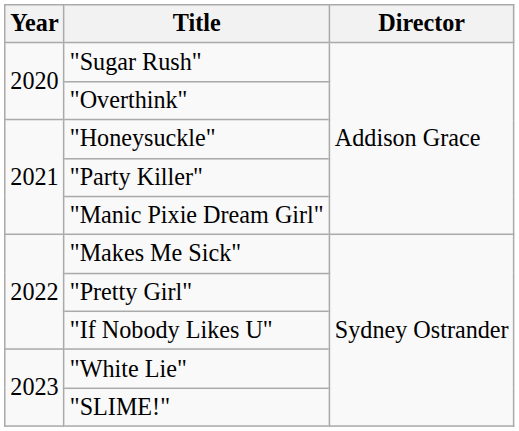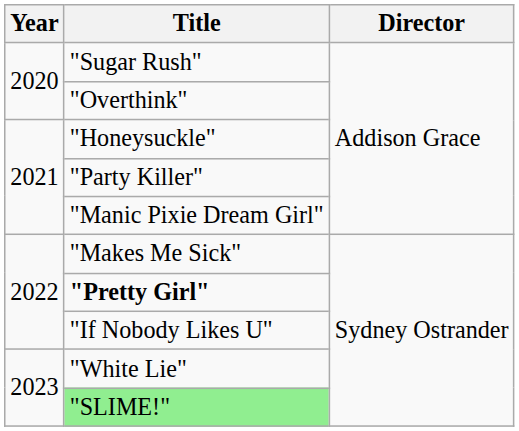 <table class="wikitable">
 <tr>
 <th>Year</th>
 <th>Title</th>
 <th>Director</th>
 </tr>
 <tr>
 <td rowspan="2">2020</td>
 <td>"Sugar Rush"</td>
 <td rowspan="5">Addison Grace</td>
 </tr>
 <tr>
 <td>"Overthink"</td>
 </tr>
 <tr>
 <td rowspan="3">2021</td>
 <td>"Honeysuckle"</td>
 </tr>
 <tr>
 <td>"Party Killer"</td>
 </tr>
 <tr>
 <td>"Manic Pixie Dream Girl"</td>
 </tr>
 <tr>
 <td rowspan="3">2022</td>
 <td>"Makes Me Sick"</td>
 <td rowspan="5">Sydney Ostrander</td>
 </tr>
 <tr>
-<td>"Pretty Girl"</td>
+<td><strong>"Pretty Girl"</strong></td>
 </tr>
 <tr>
 <td>"If Nobody Likes U"</td>
 </tr>
 <tr>
 <td rowspan="2">2023</td>
 <td>"White Lie"</td>
 </tr>
 <tr>
-<td>"SLIME!"</td>
+<td style="background: lightgreen;">"SLIME!"</td>
 </tr>
 </table>
